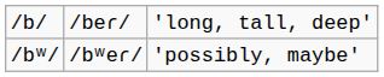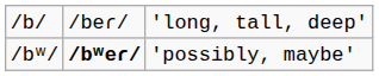 <table class="wikitable">
 <tr>
 <td>/b/</td>
 <td>/beɾ/</td>
 <td>'long, tall, deep'</td>
 </tr>
 <tr>
 <td>/bʷ/</td>
-<td>/bʷeɾ/</td>
+<td><strong>/bʷeɾ/</strong></td>
 <td>'possibly, maybe'</td>
 </tr>
 </table>
